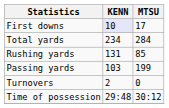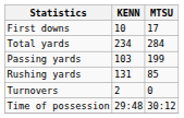 <table class="wikitable">
 <tr>
 <th>Statistics</th>
 <th>KENN</th>
 <th>MTSU</th>
 </tr>
 <tr>
 <td>First downs</td>
-<td style="background: lavender;">10</td>
+<td>10</td>
 <td>17</td>
 </tr>
 <tr>
 <td>Total yards</td>
 <td>234</td>
 <td>284</td>
 </tr>
 <tr>
+<td>Passing yards</td>
+<td>103</td>
+<td>199</td>
+</tr>
+<tr>
 <td>Rushing yards</td>
 <td>131</td>
 <td>85</td>
-</tr>
-<tr>
-<td>Passing yards</td>
-<td>103</td>
-<td>199</td>
 </tr>
 <tr>
 <td>Turnovers</td>
 <td>2</td>
 <td>0</td>
 </tr>
 <tr>
 <td>Time of possession</td>
 <td>29:48</td>
 <td>30:12</td>
 </tr>
 <tr>
 </tr>
 </table>
